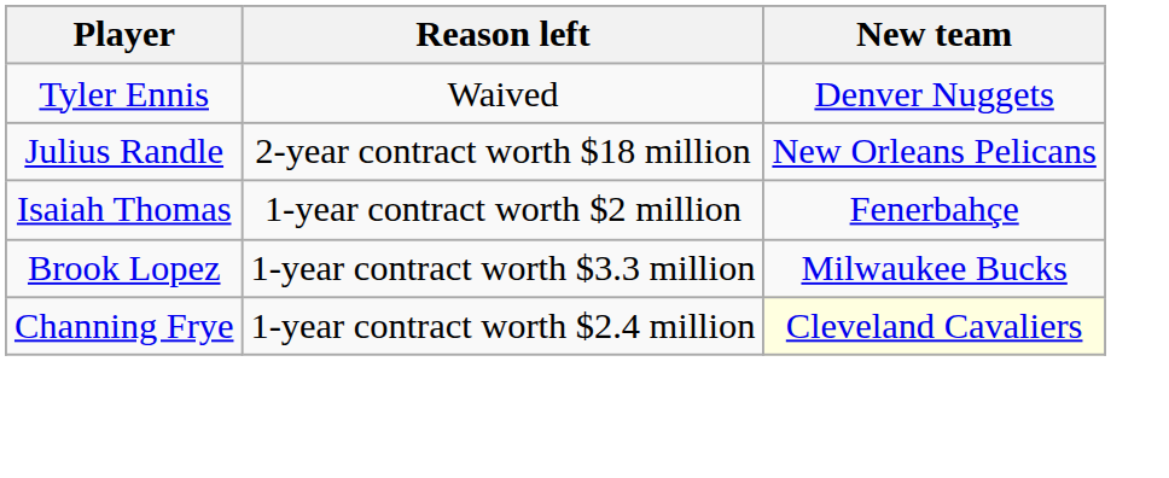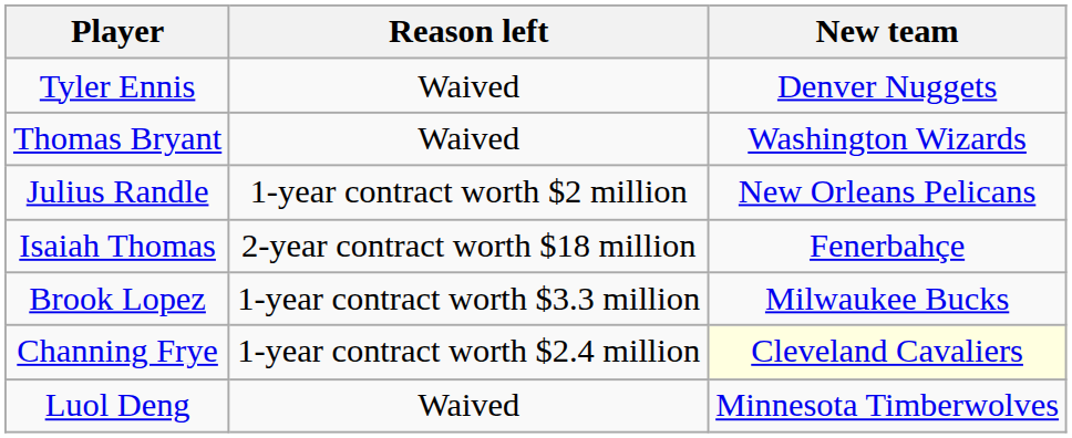 <table class="wikitable sortable sortable" style="text-align: center">
 <tr>
 <th>Player</th>
 <th>Reason left</th>
 <th>New team</th>
 </tr>
 <tr style="text-align: center">
 <td><a href='#'>Tyler Ennis</a></td>
 <td>Waived</td>
 <td><a href='#'>Denver Nuggets</a></td>
 </tr>
 <tr style="text-align: center">
+<td><a href='#'>Thomas Bryant</a></td>
+<td>Waived</td>
+<td><a href='#'>Washington Wizards</a></td>
+</tr>
+<tr style="text-align: center">
 <td><a href='#'>Julius Randle</a></td>
-<td>2-year contract worth $18 million</td>
+<td>1-year contract worth $2 million</td>
 <td><a href='#'>New Orleans Pelicans</a></td>
 </tr>
 <tr style="text-align: center">
 <td><a href='#'>Isaiah Thomas</a></td>
-<td>1-year contract worth $2 million</td>
+<td>2-year contract worth $18 million</td>
 <td> <a href='#'>Fenerbahçe</a></td>
 </tr>
 <tr style="text-align: center">
 <td><a href='#'>Brook Lopez</a></td>
 <td>1-year contract worth $3.3 million</td>
 <td><a href='#'>Milwaukee Bucks</a></td>
 </tr>
 <tr style="text-align: center">
 <td><a href='#'>Channing Frye</a></td>
 <td>1-year contract worth $2.4 million</td>
 <td style="background: lightyellow;"><a href='#'>Cleveland Cavaliers</a></td>
 </tr>
+<tr style="text-align: center">
+<td><a href='#'>Luol Deng</a></td>
+<td>Waived</td>
+<td><a href='#'>Minnesota Timberwolves</a></td>
+</tr>
 </table>
